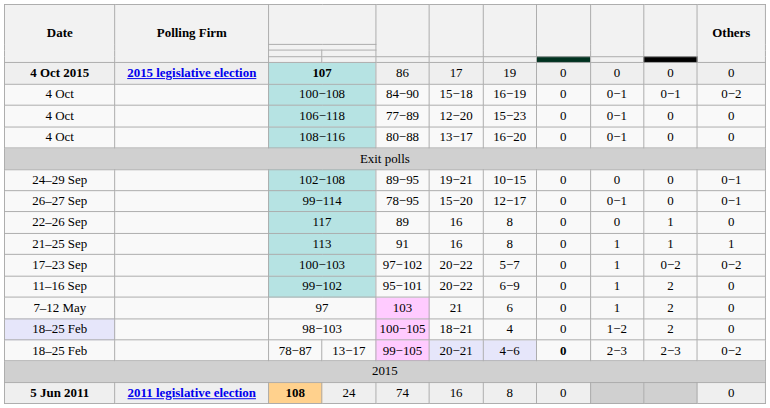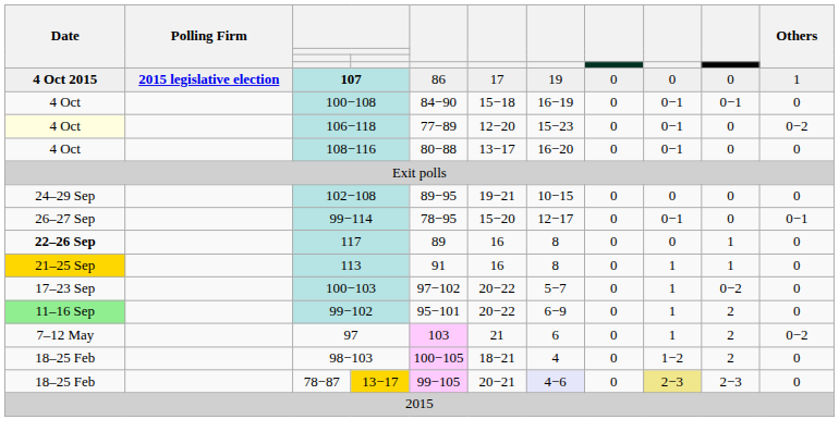 <table class="wikitable" style="text-align:center; font-size:85%; line-height:16px;">
 <tr style="height:42px; background:#e9e9e9;">
 <th style="width:110px;" rowspan="4">Date</th>
 <th style="width:155px;" rowspan="4">Polling Firm</th>
 <th colspan="2" class="unsortable" style="width:50px;"></th>
 <th rowspan="3" style="width:50px;"></th>
 <th rowspan="3" style="width:50px;"></th>
 <th rowspan="3" style="width:50px;"></th>
 <th rowspan="3" style="width:50px;"></th>
 <th rowspan="3" style="width:50px;"></th>
 <th rowspan="3" style="width:50px;"></th>
 <th style="width:65px;" rowspan="4">Others</th>
 </tr>
 <tr>
 <th colspan="2" class="unsortable" style="background:"></th>
 </tr>
 <tr>
 <th class="unsortable" style="width:50px;"></th>
 <th class="unsortable" style="width:50px;"></th>
 </tr>
 <tr>
 <th style="background:"></th>
 <th style="background:"></th>
 <th style="background:"></th>
 <th style="background:"></th>
 <th style="background:"></th>
 <th style="background:#013220;"></th>
 <th style="background:"></th>
 <th style="background:#000;"></th>
 </tr>
 <tr style="background:#EFEFEF;">
 <td><strong>4 Oct 2015</strong></td>
 <td><strong><a href='#'>2015 legislative election</a></strong></td>
 <td colspan="2" style="background:#b6e3e3;"><strong>107</strong></td>
 <td>86</td>
 <td>17</td>
 <td>19</td>
 <td>0</td>
 <td>0</td>
 <td>0</td>
-<td>0</td>
+<td>1</td>
 </tr>
 <tr>
 <td>4 Oct</td>
 <td></td>
 <td colspan="2" style="background:#b6e3e3;">100−108</td>
 <td>84−90</td>
 <td>15−18</td>
 <td>16−19</td>
 <td>0</td>
 <td>0−1</td>
 <td>0−1</td>
-<td>0−2</td>
+<td>0</td>
 </tr>
 <tr>
-<td>4 Oct</td>
+<td style="background: lightyellow;">4 Oct</td>
 <td></td>
 <td colspan="2" style="background:#b6e3e3;">106−118</td>
 <td>77−89</td>
 <td>12−20</td>
 <td>15−23</td>
 <td>0</td>
 <td>0−1</td>
 <td>0</td>
-<td>0</td>
+<td>0−2</td>
 </tr>
 <tr>
 <td>4 Oct</td>
 <td></td>
 <td colspan="2" style="background:#b6e3e3;">108−116</td>
 <td>80−88</td>
 <td>13−17</td>
 <td>16−20</td>
 <td>0</td>
 <td>0−1</td>
 <td>0</td>
 <td>0</td>
 </tr>
 <tr>
 <td colspan="11" style="background:#D0D0D0; color:black">Exit polls</td>
 </tr>
 <tr>
 <td>24–29 Sep</td>
 <td></td>
 <td colspan="2" style="background:#b6e3e3;">102−108</td>
 <td>89−95</td>
 <td>19−21</td>
 <td>10−15</td>
 <td>0</td>
 <td>0</td>
 <td>0</td>
-<td>0−1</td>
+<td>0</td>
 </tr>
 <tr>
 <td>26–27 Sep</td>
 <td></td>
 <td colspan="2" style="background:#b6e3e3;">99−114</td>
 <td>78−95</td>
 <td>15−20</td>
 <td>12−17</td>
 <td>0</td>
 <td>0−1</td>
 <td>0</td>
 <td>0−1</td>
 </tr>
 <tr>
-<td>22–26 Sep</td>
+<td><strong>22–26 Sep</strong></td>
 <td></td>
 <td colspan="2" style="background:#b6e3e3;">117</td>
 <td>89</td>
 <td>16</td>
 <td>8</td>
 <td>0</td>
 <td>0</td>
 <td>1</td>
 <td>0</td>
 </tr>
 <tr>
-<td>21–25 Sep</td>
+<td style="background: gold;">21–25 Sep</td>
 <td></td>
 <td colspan="2" style="background:#b6e3e3;">113</td>
 <td>91</td>
 <td>16</td>
 <td>8</td>
 <td>0</td>
 <td>1</td>
 <td>1</td>
-<td>1</td>
+<td>0</td>
 </tr>
 <tr>
 <td>17–23 Sep</td>
 <td></td>
 <td colspan="2" style="background:#b6e3e3;">100−103</td>
 <td>97−102</td>
 <td>20−22</td>
 <td>5−7</td>
 <td>0</td>
 <td>1</td>
 <td>0−2</td>
-<td>0−2</td>
+<td>0</td>
 </tr>
 <tr>
-<td>11–16 Sep</td>
+<td style="background: lightgreen;">11–16 Sep</td>
 <td></td>
 <td colspan="2" style="background:#b6e3e3;">99−102</td>
 <td>95−101</td>
 <td>20−22</td>
 <td>6−9</td>
 <td>0</td>
 <td>1</td>
 <td>2</td>
 <td>0</td>
 </tr>
 <tr>
 <td>7–12 May</td>
 <td></td>
 <td colspan="2">97</td>
 <td style="background:#ffcbff;">103</td>
 <td>21</td>
 <td>6</td>
 <td>0</td>
 <td>1</td>
 <td>2</td>
-<td>0</td>
+<td>0−2</td>
 </tr>
 <tr>
-<td style="background: lavender;">18–25 Feb</td>
+<td>18–25 Feb</td>
 <td></td>
 <td colspan="2">98−103</td>
 <td style="background:#ffcbff">100−105</td>
 <td>18−21</td>
 <td>4</td>
 <td>0</td>
 <td>1−2</td>
 <td>2</td>
 <td>0</td>
 </tr>
 <tr>
 <td>18–25 Feb</td>
 <td></td>
 <td>78−87</td>
-<td>13−17</td>
+<td style="background: gold;">13−17</td>
 <td style="background:#ffcbff;">99−105</td>
-<td style="background: lavender;">20−21</td>
+<td>20−21</td>
 <td style="background: lavender;">4−6</td>
-<td><strong>0</strong></td>
+<td>0</td>
+<td style="background: khaki;">2−3</td>
 <td>2−3</td>
-<td>2−3</td>
-<td>0−2</td>
+<td>0</td>
 </tr>
 <tr>
 <td colspan="11" style="background:#D0D0D0; color:black">2015</td>
 </tr>
-<tr style="background:#EFEFEF;">
-<td><strong>5 Jun 2011</strong></td>
-<td><strong><a href='#'>2011 legislative election</a></strong></td>
-<td style="background:#ffd18d;"><strong>108</strong></td>
-<td>24</td>
-<td>74</td>
-<td>16</td>
-<td>8</td>
-<td>0</td>
-<td style="background:#D0D0D0; width:1px;"></td>
-<td style="background:#D0D0D0; width:1px;"></td>
-<td>0</td>
-</tr>
 </table>
